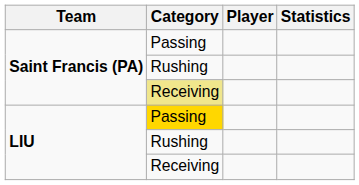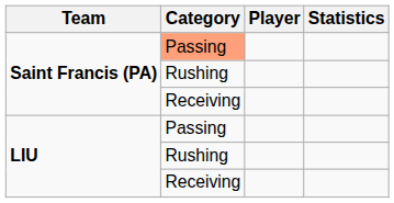 <table class="wikitable" style="float: right;">
 <tr>
 <th>Team</th>
 <th>Category</th>
 <th>Player</th>
 <th>Statistics</th>
 </tr>
 <tr>
 <td rowspan=3><strong>Saint Francis (PA)</strong></td>
-<td>Passing</td>
+<td style="background: lightsalmon;">Passing</td>
 <td></td>
 <td></td>
 </tr>
 <tr>
 <td>Rushing</td>
 <td></td>
 <td></td>
 </tr>
 <tr>
-<td style="background: khaki;">Receiving</td>
+<td>Receiving</td>
 <td></td>
 <td></td>
 </tr>
 <tr>
 <td rowspan=3><strong>LIU</strong></td>
-<td style="background: gold;">Passing</td>
+<td>Passing</td>
 <td></td>
 <td></td>
 </tr>
 <tr>
 <td>Rushing</td>
 <td></td>
 <td></td>
 </tr>
 <tr>
 <td>Receiving</td>
 <td></td>
 <td></td>
 </tr>
 </table>
